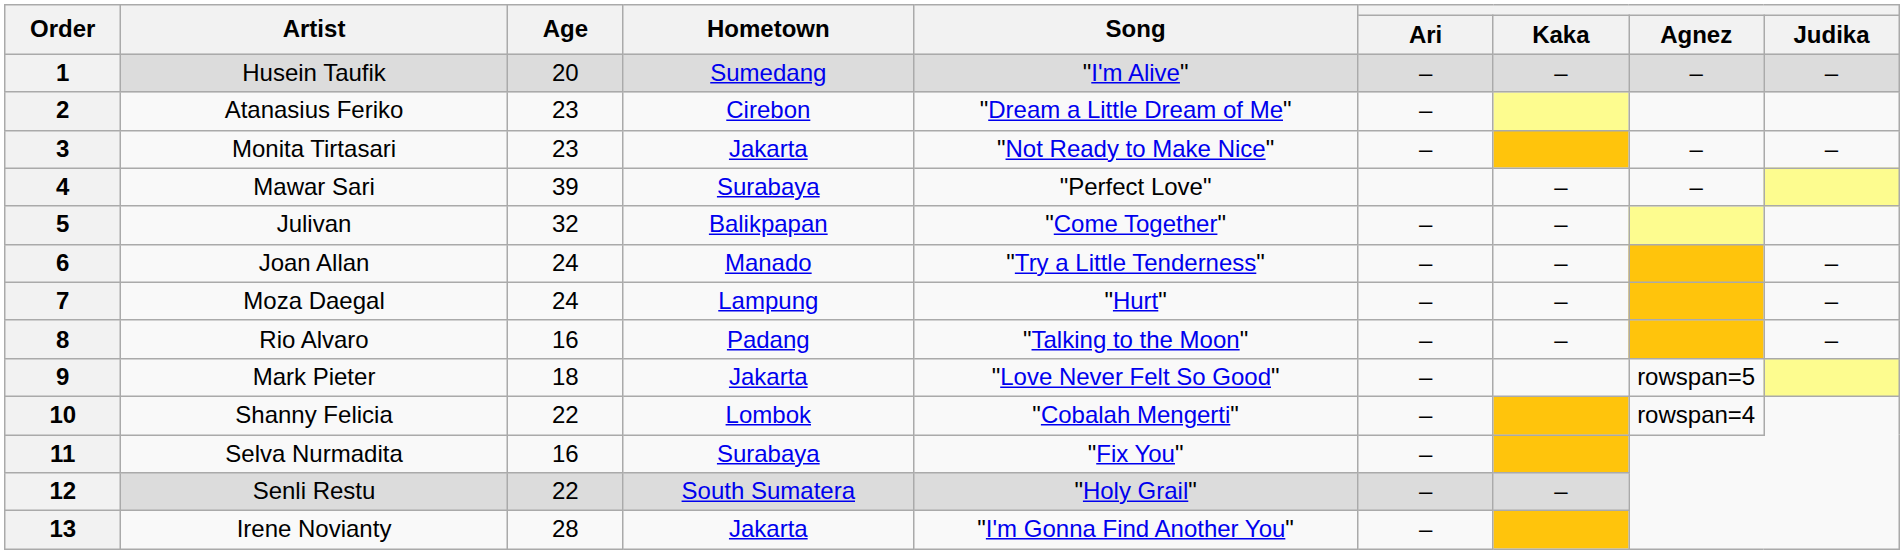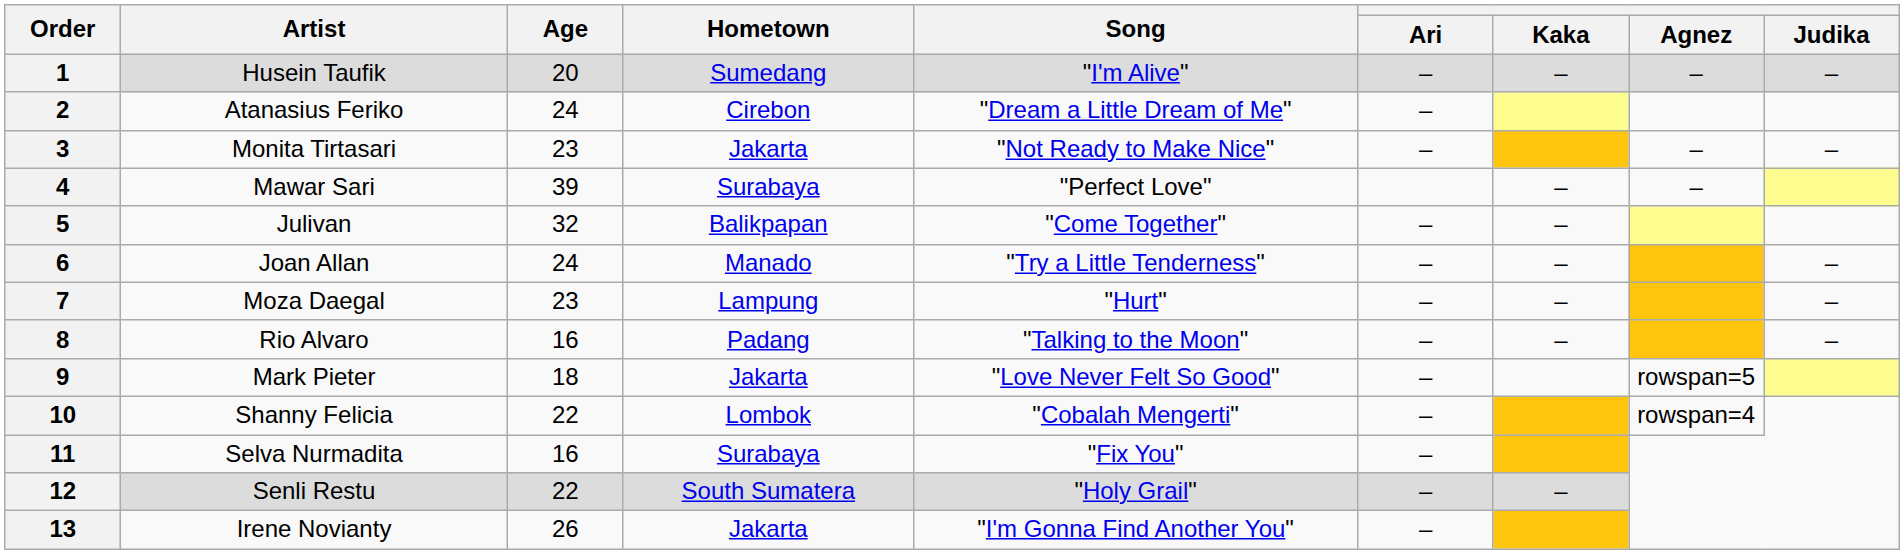 <table class="wikitable" style="text-align:center; width:100%;">
 <tr>
 <th scope="col" rowspan="2" width="06%">Order</th>
 <th scope="col" rowspan="2" width="20%">Artist</th>
 <th scope="col" rowspan="2" width="06%">Age</th>
 <th scope="col" rowspan="2" width="15%">Hometown</th>
 <th scope="col" rowspan="2" width="23%">Song</th>
 <th scope="col" colspan="4" width="28%"></th>
 </tr>
 <tr>
 <th style="width:07%;">Ari</th>
 <th style="width:07%;">Kaka</th>
 <th style="width:07%;">Agnez</th>
 <th style="width:07%;">Judika</th>
 </tr>
 <tr>
 <th>1</th>
 <td style="background:#DCDCDC;">Husein Taufik</td>
 <td style="background:#DCDCDC;">20</td>
 <td style="background:#DCDCDC;"><a href='#'>Sumedang</a></td>
 <td style="background:#DCDCDC;">"<a href='#'>I'm Alive</a>"</td>
 <td style="background:#DCDCDC;">–</td>
 <td style="background:#DCDCDC;">–</td>
 <td style="background:#DCDCDC;">–</td>
 <td style="background:#DCDCDC;">–</td>
 </tr>
 <tr>
 <th>2</th>
 <td>Atanasius Feriko</td>
-<td>23</td>
+<td>24</td>
 <td><a href='#'>Cirebon</a></td>
 <td>"<a href='#'>Dream a Little Dream of Me</a>"</td>
 <td>–</td>
 <td style="background:#fdfc8f;"><strong></strong></td>
 <td><strong></strong></td>
 <td><strong></strong></td>
 </tr>
 <tr>
 <th>3</th>
 <td>Monita Tirtasari</td>
 <td>23</td>
 <td><a href='#'>Jakarta</a></td>
 <td>"<a href='#'>Not Ready to Make Nice</a>"</td>
 <td>–</td>
 <td style="background:#FFC40C;"><strong></strong></td>
 <td>–</td>
 <td>–</td>
 </tr>
 <tr>
 <th>4</th>
 <td>Mawar Sari</td>
 <td>39</td>
 <td><a href='#'>Surabaya</a></td>
 <td>"Perfect Love"</td>
 <td><strong></strong></td>
 <td>–</td>
 <td>–</td>
 <td style="background:#fdfc8f;"><strong></strong></td>
 </tr>
 <tr>
 <th>5</th>
 <td>Julivan</td>
 <td>32</td>
 <td><a href='#'>Balikpapan</a></td>
 <td>"<a href='#'>Come Together</a>"</td>
 <td>–</td>
 <td>–</td>
 <td style="background:#fdfc8f;"><strong></strong></td>
 <td><strong></strong></td>
 </tr>
 <tr>
 <th>6</th>
 <td>Joan Allan</td>
 <td>24</td>
 <td><a href='#'>Manado</a></td>
 <td>"<a href='#'>Try a Little Tenderness</a>"</td>
 <td>–</td>
 <td>–</td>
 <td style="background:#FFC40C;"><strong></strong></td>
 <td>–</td>
 </tr>
 <tr>
 <th>7</th>
 <td>Moza Daegal</td>
-<td>24</td>
+<td>23</td>
 <td><a href='#'>Lampung</a></td>
 <td>"<a href='#'>Hurt</a>"</td>
 <td>–</td>
 <td>–</td>
 <td style="background:#FFC40C;"><strong></strong></td>
 <td>–</td>
 </tr>
 <tr>
 <th>8</th>
 <td>Rio Alvaro</td>
 <td>16</td>
 <td><a href='#'>Padang</a></td>
 <td>"<a href='#'>Talking to the Moon</a>"</td>
 <td>–</td>
 <td>–</td>
 <td style="background:#FFC40C;"><strong></strong></td>
 <td>–</td>
 </tr>
 <tr>
 <th>9</th>
 <td>Mark Pieter</td>
 <td>18</td>
 <td><a href='#'>Jakarta</a></td>
 <td>"<a href='#'>Love Never Felt So Good</a>"</td>
 <td>–</td>
 <td><strong></strong></td>
 <td>rowspan=5 </td>
 <td style="background:#fdfc8f;"><strong></strong></td>
 </tr>
 <tr>
 <th>10</th>
 <td>Shanny Felicia</td>
 <td>22</td>
 <td><a href='#'>Lombok</a></td>
 <td>"<a href='#'>Cobalah Mengerti</a>"</td>
 <td>–</td>
 <td style="background:#FFC40C;"><strong></strong></td>
 <td>rowspan=4 </td>
 </tr>
 <tr>
 <th>11</th>
 <td>Selva Nurmadita</td>
 <td>16</td>
 <td><a href='#'>Surabaya</a></td>
 <td>"<a href='#'>Fix You</a>"</td>
 <td>–</td>
 <td style="background:#FFC40C;"><strong></strong></td>
 </tr>
 <tr>
 <th>12</th>
 <td style="background:#DCDCDC;">Senli Restu</td>
 <td style="background:#DCDCDC;">22</td>
 <td style="background:#DCDCDC;"><a href='#'>South Sumatera</a></td>
 <td style="background:#DCDCDC;">"<a href='#'>Holy Grail</a>"</td>
 <td style="background:#DCDCDC;">–</td>
 <td style="background:#DCDCDC;">–</td>
 </tr>
 <tr>
 <th>13</th>
 <td>Irene Novianty</td>
-<td>28</td>
+<td>26</td>
 <td><a href='#'>Jakarta</a></td>
 <td>"<a href='#'>I'm Gonna Find Another You</a>"</td>
 <td>–</td>
 <td style="background:#FFC40C;"><strong></strong></td>
 </tr>
 </table>
